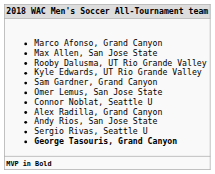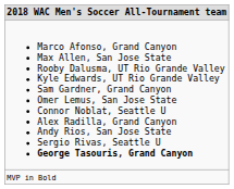 <table class="wikitable" style="white-space:nowrap; font-size:90%;">
 <tr>
 <td colspan="7" style="text-align:center; background:#ddd;"><strong>2018 WAC Men's Soccer All-Tournament team</strong></td>
 </tr>
 <tr>
 <td><br><ul><li>Marco Afonso, Grand Canyon</li><li>Max Allen, San Jose State</li><li>Rooby Dalusma, UT Rio Grande Valley</li><li>Kyle Edwards, UT Rio Grande Valley</li><li>Sam Gardner, Grand Canyon</li><li>Omer Lemus, San Jose State</li><li>Connor Noblat, Seattle U</li><li>Alex Radilla, Grand Canyon</li><li>Andy Rios, San Jose State</li><li>Sergio Rivas, Seattle U</li><li><strong>George Tasouris, Grand Canyon</strong></li></ul></td>
 </tr>
 <tr>
-<td><strong><small>MVP in Bold</small></strong></td>
+<td><small>MVP in Bold</small></td>
 </tr>
 </table>
